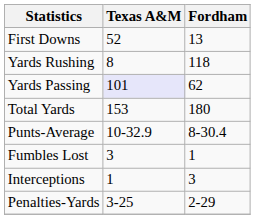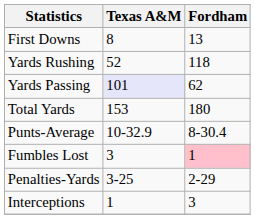 <table class="wikitable">
 <tr>
 <th>Statistics</th>
 <th>Texas A&M</th>
 <th>Fordham</th>
 </tr>
 <tr>
 <td>First Downs</td>
-<td>52</td>
+<td>8</td>
 <td>13</td>
 </tr>
 <tr>
 <td>Yards Rushing</td>
-<td>8</td>
+<td>52</td>
 <td>118</td>
 </tr>
 <tr>
 <td>Yards Passing</td>
 <td style="background: lavender;">101</td>
 <td>62</td>
 </tr>
 <tr>
 <td>Total Yards</td>
 <td>153</td>
 <td>180</td>
 </tr>
 <tr>
 <td>Punts-Average</td>
 <td>10-32.9</td>
 <td>8-30.4</td>
 </tr>
 <tr>
 <td>Fumbles Lost</td>
 <td>3</td>
-<td>1</td>
+<td style="background: pink;">1</td>
+</tr>
+<tr>
+<td>Penalties-Yards</td>
+<td>3-25</td>
+<td>2-29</td>
 </tr>
 <tr>
 <td>Interceptions</td>
 <td>1</td>
 <td>3</td>
 </tr>
 <tr>
-<td>Penalties-Yards</td>
-<td>3-25</td>
-<td>2-29</td>
-</tr>
-<tr>
 </tr>
 </table>
